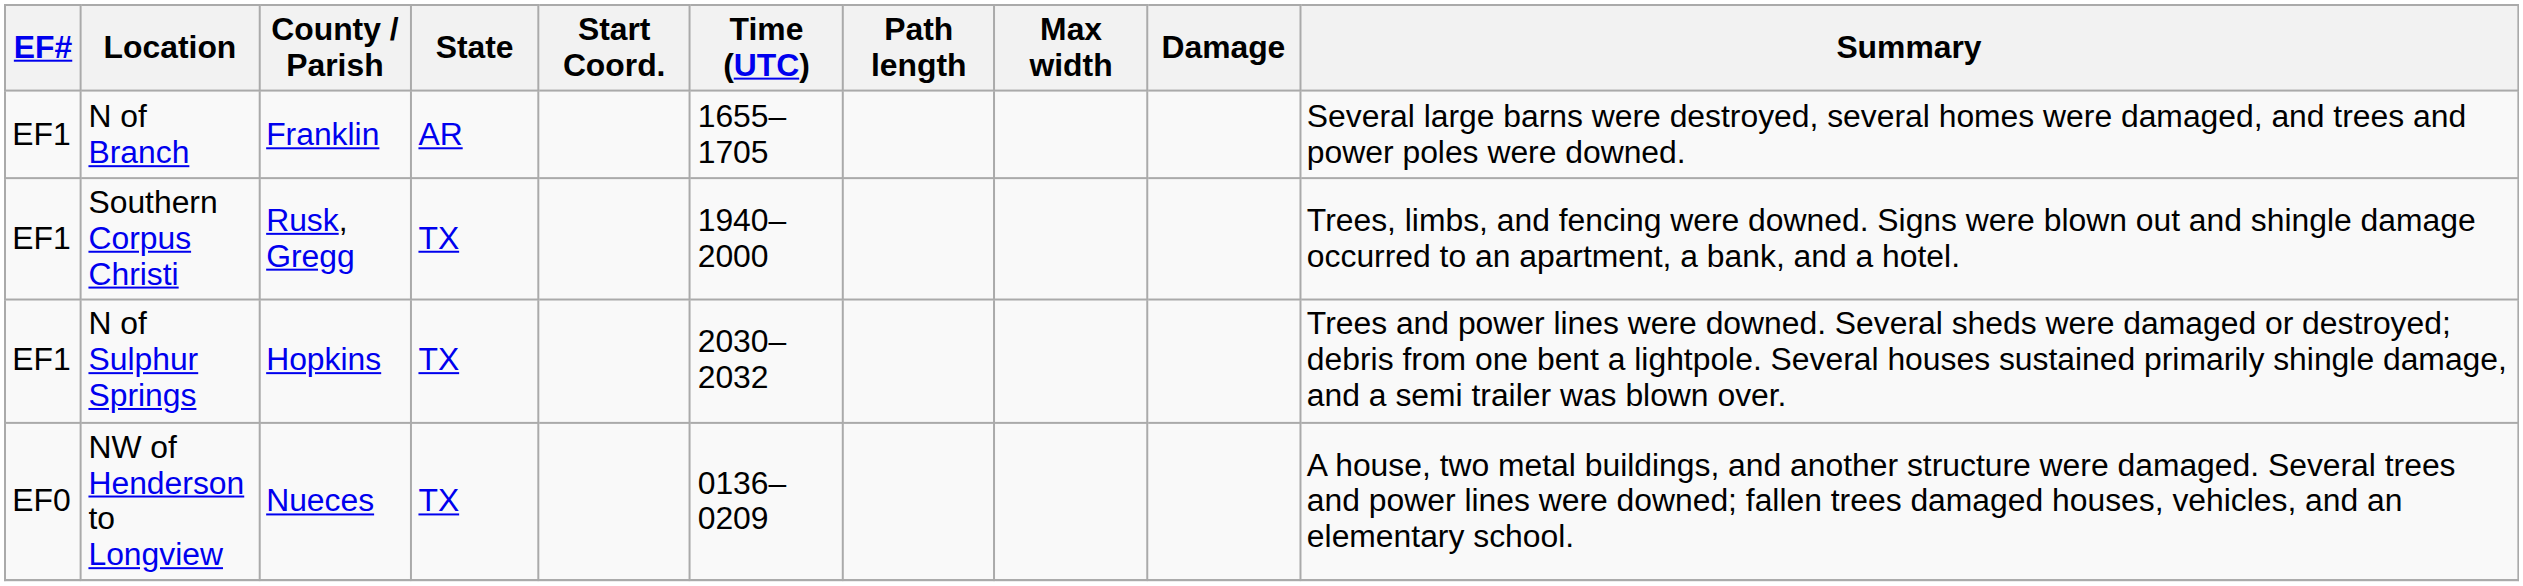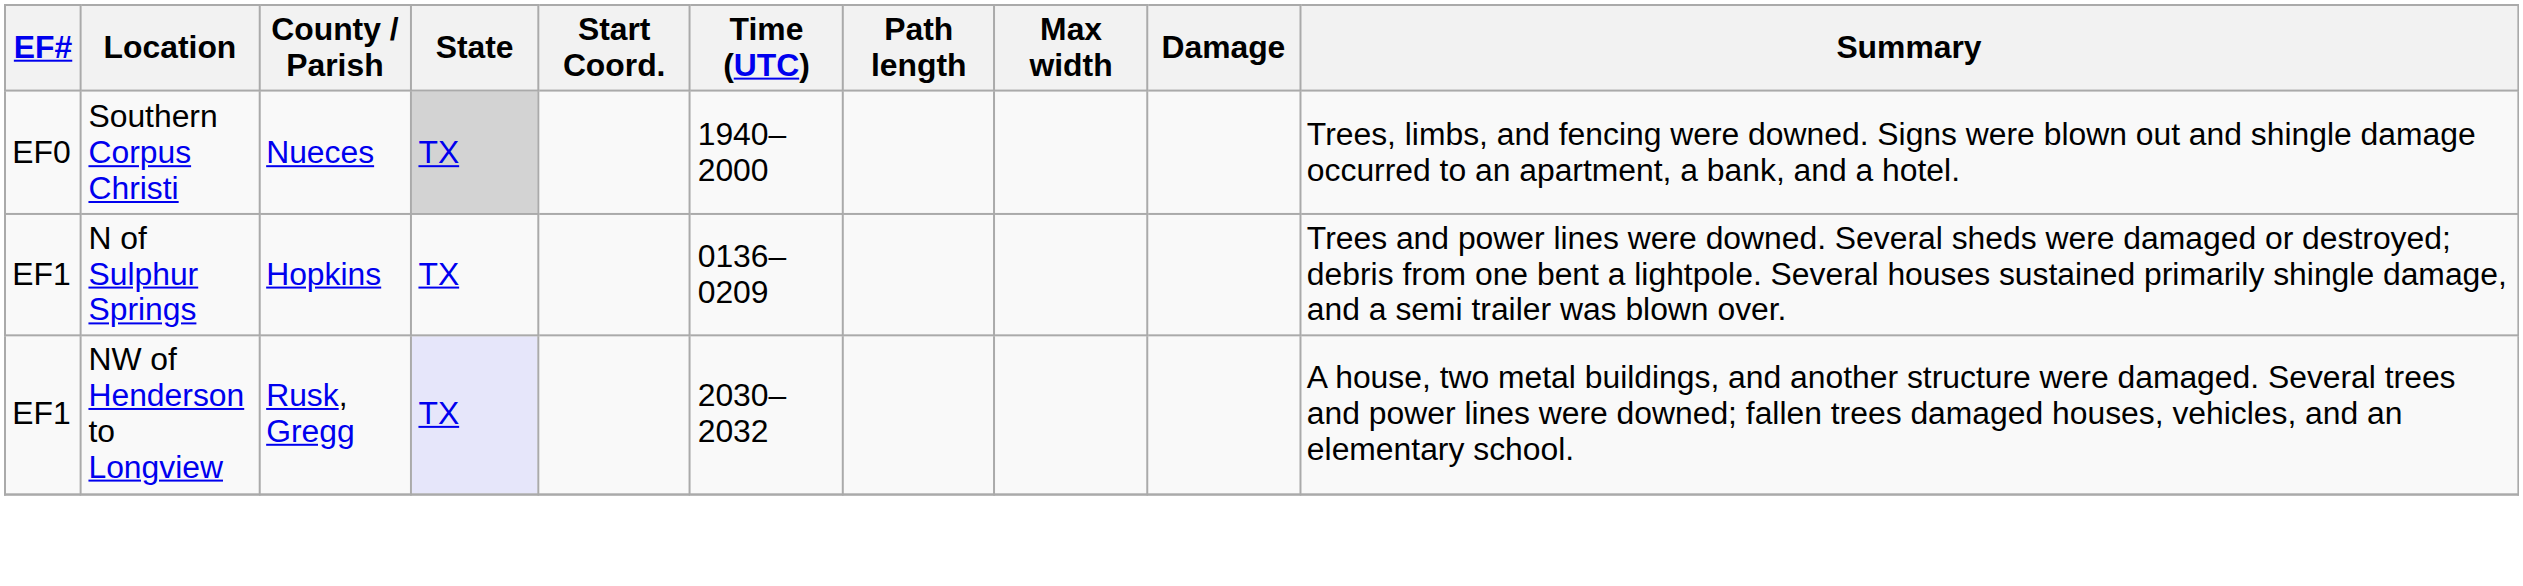 <table class="wikitable sortable" style="width:100%;">
 <tr>
 <th scope="col" width="3%" align="center"><a href='#'>EF#</a></th>
 <th scope="col" width="7%" align="center" class="unsortable">Location</th>
 <th scope="col" width="6%" align="center" class="unsortable">County / Parish</th>
 <th scope="col" width="5%" align="center">State</th>
 <th scope="col" width="6%" align="center">Start Coord.</th>
 <th scope="col" width="6%" align="center">Time (<a href='#'>UTC</a>)</th>
 <th scope="col" width="6%" align="center">Path length</th>
 <th scope="col" width="6%" align="center">Max width</th>
 <th scope="col" width="6%" align="center">Damage</th>
 <th scope="col" width="48%" class="unsortable" align="center">Summary</th>
 </tr>
 <tr>
-<td>EF1</td>
-<td>N of <a href='#'>Branch</a></td>
-<td><a href='#'>Franklin</a></td>
-<td><a href='#'>AR</a></td>
-<td></td>
-<td>1655–1705</td>
-<td></td>
-<td></td>
-<td></td>
-<td>Several large barns were destroyed, several homes were damaged, and trees and power poles were downed.</td>
-</tr>
-<tr>
-<td>EF1</td>
+<td>EF0</td>
 <td>Southern <a href='#'>Corpus Christi</a></td>
-<td><a href='#'>Rusk</a>, <a href='#'>Gregg</a></td>
-<td><a href='#'>TX</a></td>
+<td><a href='#'>Nueces</a></td>
+<td style="background: lightgrey;"><a href='#'>TX</a></td>
 <td></td>
 <td>1940–2000</td>
 <td></td>
 <td></td>
 <td></td>
 <td>Trees, limbs, and fencing were downed. Signs were blown out and shingle damage occurred to an apartment, a bank, and a hotel.</td>
 </tr>
 <tr>
 <td>EF1</td>
 <td>N of <a href='#'>Sulphur Springs</a></td>
 <td><a href='#'>Hopkins</a></td>
 <td><a href='#'>TX</a></td>
 <td></td>
-<td>2030–2032</td>
+<td>0136–0209</td>
 <td></td>
 <td></td>
 <td></td>
 <td>Trees and power lines were downed. Several sheds were damaged or destroyed; debris from one bent a lightpole. Several houses sustained primarily shingle damage, and a semi trailer was blown over.</td>
 </tr>
 <tr>
-<td>EF0</td>
+<td>EF1</td>
 <td>NW of <a href='#'>Henderson</a> to <a href='#'>Longview</a></td>
-<td><a href='#'>Nueces</a></td>
-<td><a href='#'>TX</a></td>
+<td><a href='#'>Rusk</a>, <a href='#'>Gregg</a></td>
+<td style="background: lavender;"><a href='#'>TX</a></td>
 <td></td>
-<td>0136–0209</td>
+<td>2030–2032</td>
 <td></td>
 <td></td>
 <td></td>
 <td>A house, two metal buildings, and another structure were damaged. Several trees and power lines were downed; fallen trees damaged houses, vehicles, and an elementary school.</td>
 </tr>
 <tr>
 </tr>
 </table>
